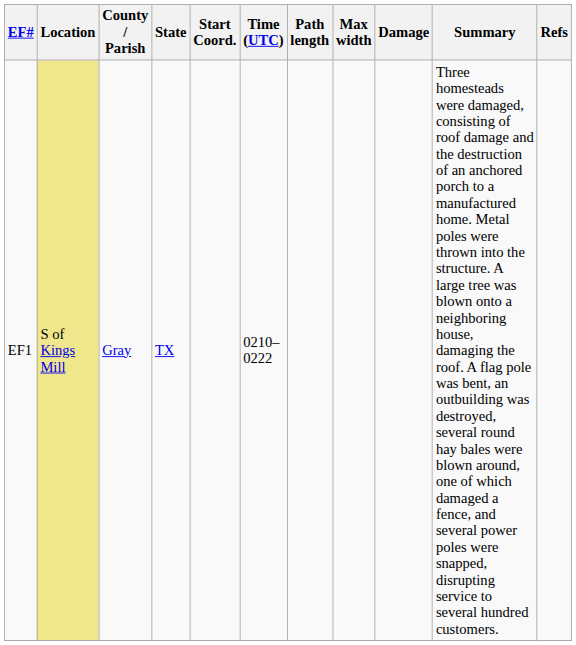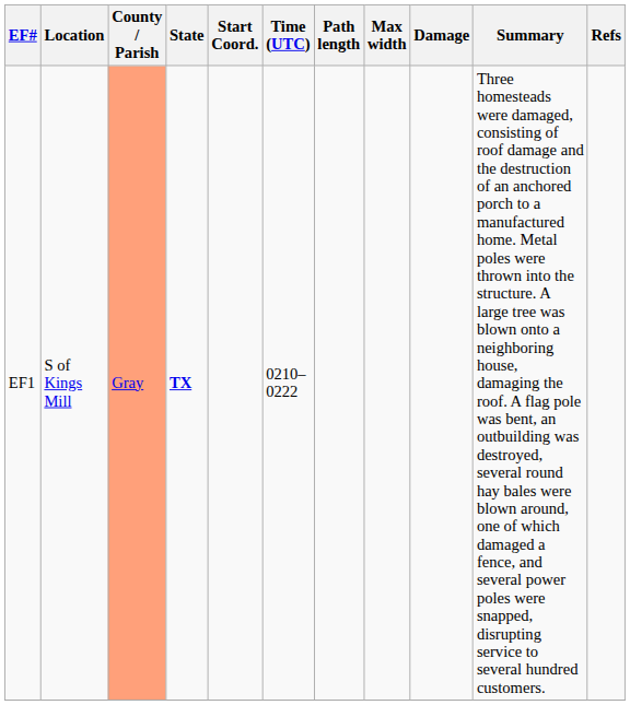 <table class="wikitable sortable" style="width:100%;">
 <tr>
 <th scope="col" width="3%" align="center"><a href='#'>EF#</a></th>
 <th scope="col" width="7%" align="center" class="unsortable">Location</th>
 <th scope="col" width="6%" align="center" class="unsortable">County / Parish</th>
 <th scope="col" width="5%" align="center">State</th>
 <th scope="col" width="6%" align="center">Start Coord.</th>
 <th scope="col" width="6%" align="center">Time (<a href='#'>UTC</a>)</th>
 <th scope="col" width="6%" align="center">Path length</th>
 <th scope="col" width="6%" align="center">Max width</th>
 <th scope="col" width="6%" align="center">Damage</th>
 <th scope="col" width="48%" class="unsortable" align="center">Summary</th>
 <th scope="col" width="48%" class="unsortable" align="center">Refs</th>
 </tr>
 <tr>
 <td>EF1</td>
-<td style="background: khaki;">S of <a href='#'>Kings Mill</a></td>
-<td><a href='#'>Gray</a></td>
-<td><a href='#'>TX</a></td>
+<td>S of <a href='#'>Kings Mill</a></td>
+<td style="background: lightsalmon;"><a href='#'>Gray</a></td>
+<td><strong><a href='#'>TX</a></strong></td>
 <td></td>
 <td>0210–0222</td>
 <td></td>
 <td></td>
 <td></td>
 <td>Three homesteads were damaged, consisting of roof damage and the destruction of an anchored porch to a manufactured home. Metal poles were thrown into the structure. A large tree was blown onto a neighboring house, damaging the roof. A flag pole was bent, an outbuilding was destroyed, several round hay bales were blown around, one of which damaged a fence, and several power poles were snapped, disrupting service to several hundred customers.</td>
 <td></td>
 </tr>
 <tr>
 </tr>
 </table>
